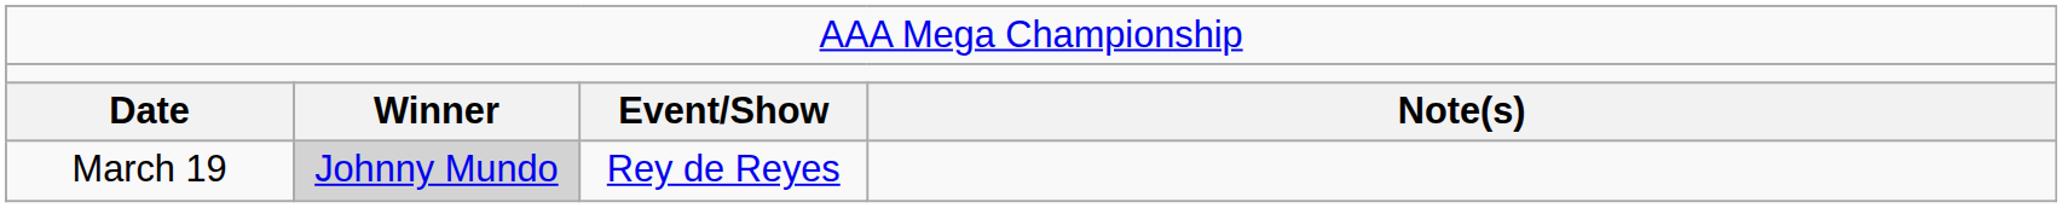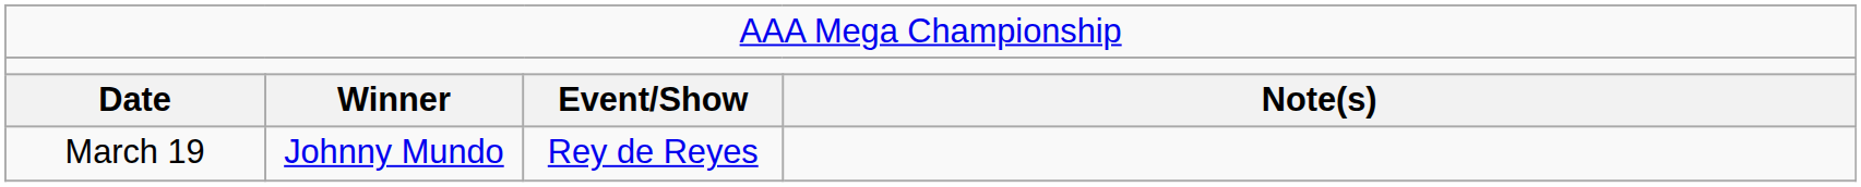 <table class="wikitable" style="text-align:center; width:100%;">
 <tr>
 <td colspan="5"><a href='#'>AAA Mega Championship</a></td>
 </tr>
 <tr>
 <td colspan="5"><strong></strong></td>
 </tr>
 <tr>
 <th width="14%">Date</th>
 <th width="14%">Winner</th>
 <th width="14%">Event/Show</th>
 <th width="58%">Note(s)</th>
 </tr>
 <tr>
 <td>March 19</td>
-<td style="background: lightgrey;"><a href='#'>Johnny Mundo</a></td>
+<td><a href='#'>Johnny Mundo</a></td>
 <td><a href='#'>Rey de Reyes</a></td>
 <td align="left"></td>
 </tr>
 </table>
